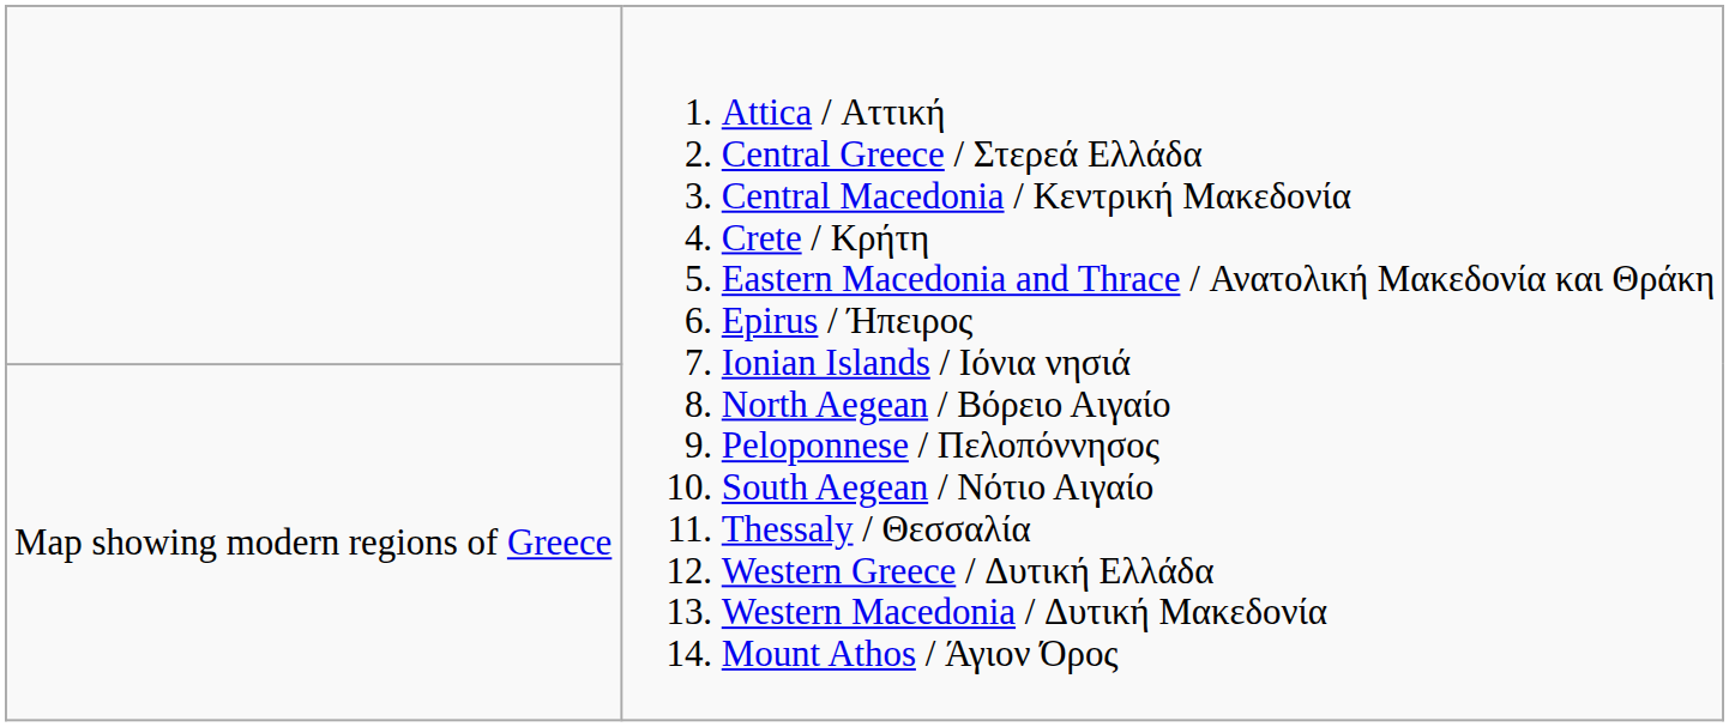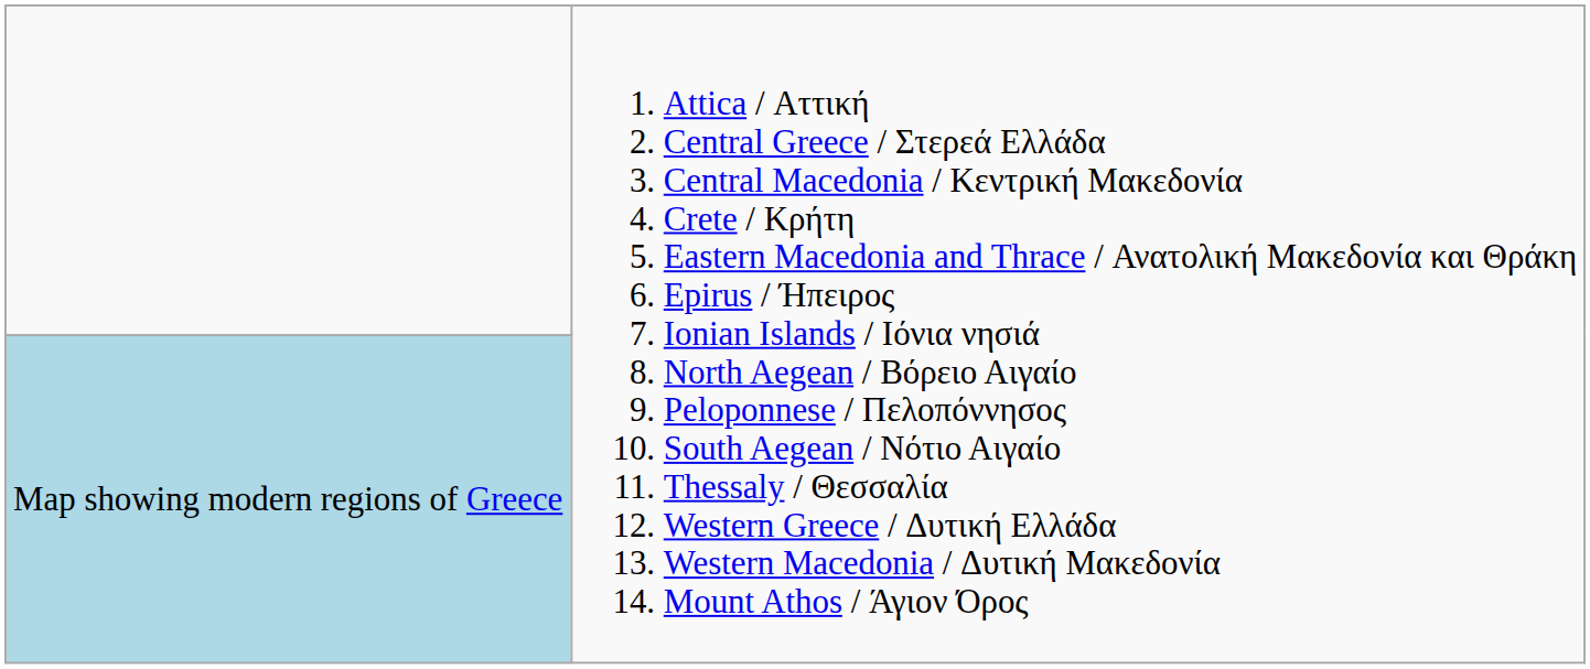 <table class="wikitable">
 <tr>
 <td><br></td>
 <td rowspan="2"><br><ol><li><a href='#'>Attica</a> / Αττική</li><li><a href='#'>Central Greece</a> / Στερεά Ελλάδα</li><li><a href='#'>Central Macedonia</a> / Κεντρική Μακεδονία</li><li><a href='#'>Crete</a> / Κρήτη</li><li><a href='#'>Eastern Macedonia and Thrace</a> / Ανατολική Μακεδονία και Θράκη</li><li><a href='#'>Epirus</a> / Ήπειρος</li><li><a href='#'>Ionian Islands</a> / Ιόνια νησιά</li><li><a href='#'>North Aegean</a> / Βόρειο Αιγαίο</li><li><a href='#'>Peloponnese</a> / Πελοπόννησος</li><li><a href='#'>South Aegean</a> / Νότιο Αιγαίο</li><li><a href='#'>Thessaly</a> / Θεσσαλία</li><li><a href='#'>Western Greece</a> / Δυτική Ελλάδα</li><li><a href='#'>Western Macedonia</a> / Δυτική Μακεδονία</li><li><a href='#'>Mount Athos</a> / Άγιον Όρος</li></ol></td>
 </tr>
 <tr>
-<td>Map showing modern regions of <a href='#'>Greece</a></td>
+<td style="background: lightblue;">Map showing modern regions of <a href='#'>Greece</a></td>
 </tr>
 </table>
